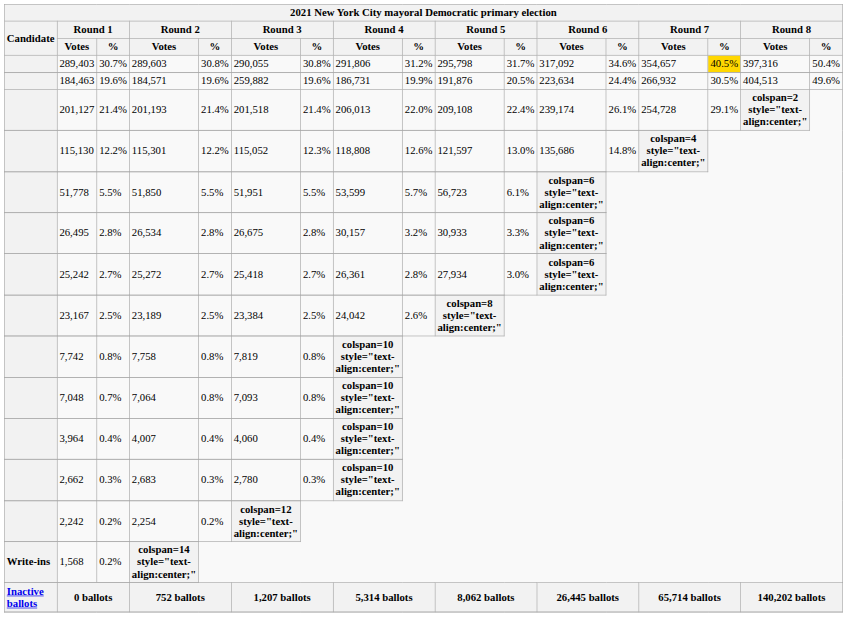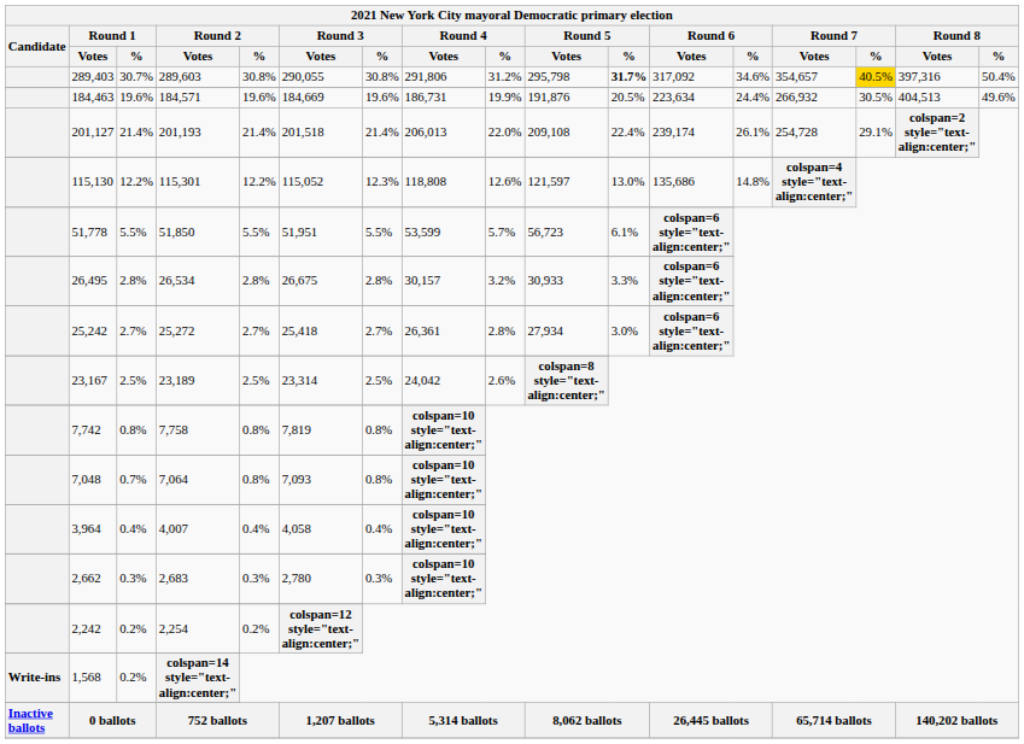 <table class="wikitable sortable">
 <tr>
 <th colspan=" 17 ">2021 New York City mayoral Democratic primary election</th>
 </tr>
 <tr style="background:#eee; text-align:center;">
 <th rowspan=2 style="text-align:center;">Candidate</th>
 <th colspan=2 style="text-align:center;">Round 1</th>
 <th colspan=2 style="text-align:center;">Round 2</th>
 <th colspan=2 style="text-align:center;">Round 3</th>
 <th colspan=2 style="text-align:center;">Round 4</th>
 <th colspan=2 style="text-align:center;">Round 5</th>
 <th colspan=2 style="text-align:center;">Round 6</th>
 <th colspan=2 style="text-align:center;">Round 7</th>
 <th colspan=2 style="text-align:center;">Round 8</th>
 </tr>
 <tr>
 <th>Votes</th>
 <th>%</th>
 <th>Votes</th>
 <th>%</th>
 <th>Votes</th>
 <th>%</th>
 <th>Votes</th>
 <th>%</th>
 <th>Votes</th>
 <th>%</th>
 <th>Votes</th>
 <th>%</th>
 <th>Votes</th>
 <th>%</th>
 <th>Votes</th>
 <th>%</th>
 </tr>
 <tr>
 <th scope="row" style="text-align:left;"></th>
 <td>289,403</td>
 <td>30.7%</td>
 <td>289,603</td>
 <td>30.8%</td>
 <td>290,055</td>
 <td>30.8%</td>
 <td>291,806</td>
 <td>31.2%</td>
 <td>295,798</td>
-<td>31.7%</td>
+<td><strong>31.7%</strong></td>
 <td>317,092</td>
 <td>34.6%</td>
 <td>354,657</td>
 <td style="background: gold;">40.5%</td>
 <td>397,316</td>
 <td> 50.4%</td>
 </tr>
 <tr>
 </tr>
 <tr>
 </tr>
 <tr>
 <th scope="row" style="text-align:left;"></th>
 <td>184,463</td>
 <td>19.6%</td>
 <td>184,571</td>
 <td>19.6%</td>
-<td>259,882</td>
+<td>184,669</td>
 <td>19.6%</td>
 <td>186,731</td>
 <td>19.9%</td>
 <td>191,876</td>
 <td>20.5%</td>
 <td>223,634</td>
 <td>24.4%</td>
 <td>266,932</td>
 <td>30.5%</td>
 <td> 404,513</td>
 <td>49.6%</td>
 </tr>
 <tr>
 <th scope="row" style="text-align:left;"></th>
 <td>201,127</td>
 <td>21.4%</td>
 <td>201,193</td>
 <td>21.4%</td>
 <td>201,518</td>
 <td>21.4%</td>
 <td>206,013</td>
 <td>22.0%</td>
 <td>209,108</td>
 <td>22.4%</td>
 <td>239,174</td>
 <td>26.1%</td>
 <td>254,728</td>
 <td>29.1%</td>
 <th>colspan=2 style="text-align:center;" </th>
 </tr>
 <tr>
 </tr>
 <tr>
 <th scope="row" style="text-align:left;"></th>
 <td>115,130</td>
 <td>12.2%</td>
 <td>115,301</td>
 <td>12.2%</td>
 <td>115,052</td>
 <td>12.3%</td>
 <td>118,808</td>
 <td>12.6%</td>
 <td>121,597</td>
 <td>13.0%</td>
 <td>135,686</td>
 <td>14.8%</td>
 <th>colspan=4 style="text-align:center;" </th>
 </tr>
 <tr>
 </tr>
 <tr>
 <th scope="row" style="text-align:left;"></th>
 <td>51,778</td>
 <td>5.5%</td>
 <td>51,850</td>
 <td>5.5%</td>
 <td>51,951</td>
 <td>5.5%</td>
 <td>53,599</td>
 <td>5.7%</td>
 <td>56,723</td>
 <td>6.1%</td>
 <th>colspan=6 style="text-align:center;" </th>
 </tr>
 <tr>
 </tr>
 <tr>
 <th scope="row" style="text-align:left;"></th>
 <td>26,495</td>
 <td>2.8%</td>
 <td>26,534</td>
 <td>2.8%</td>
 <td>26,675</td>
 <td>2.8%</td>
 <td>30,157</td>
 <td>3.2%</td>
 <td>30,933</td>
 <td>3.3%</td>
 <th>colspan=6 style="text-align:center;" </th>
 </tr>
 <tr>
 </tr>
 <tr>
 <th scope="row" style="text-align:left;"></th>
 <td>25,242</td>
 <td>2.7%</td>
 <td>25,272</td>
 <td>2.7%</td>
 <td>25,418</td>
 <td>2.7%</td>
 <td>26,361</td>
 <td>2.8%</td>
 <td>27,934</td>
 <td>3.0%</td>
 <th>colspan=6 style="text-align:center;" </th>
 </tr>
 <tr>
 </tr>
 <tr>
 <th scope="row" style="text-align:left;"></th>
 <td>23,167</td>
 <td>2.5%</td>
 <td>23,189</td>
 <td>2.5%</td>
-<td>23,384</td>
+<td>23,314</td>
 <td>2.5%</td>
 <td>24,042</td>
 <td>2.6%</td>
 <th>colspan=8 style="text-align:center;" </th>
 </tr>
 <tr>
 </tr>
 <tr>
 <th scope="row" style="text-align:left;"></th>
 <td>7,742</td>
 <td>0.8%</td>
 <td>7,758</td>
 <td>0.8%</td>
 <td>7,819</td>
 <td>0.8%</td>
 <th>colspan=10 style="text-align:center;" </th>
 </tr>
 <tr>
 </tr>
 <tr>
 <th scope="row" style="text-align:left;"></th>
 <td>7,048</td>
 <td>0.7%</td>
 <td>7,064</td>
 <td>0.8%</td>
 <td>7,093</td>
 <td>0.8%</td>
 <th>colspan=10 style="text-align:center;" </th>
 </tr>
 <tr>
 </tr>
 <tr>
 <th scope="row" style="text-align:left;"></th>
 <td>3,964</td>
 <td>0.4%</td>
 <td>4,007</td>
 <td>0.4%</td>
-<td>4,060</td>
+<td>4,058</td>
 <td>0.4%</td>
 <th>colspan=10 style="text-align:center;" </th>
 </tr>
 <tr>
 </tr>
 <tr>
 <th scope="row" style="text-align:left;"></th>
 <td>2,662</td>
 <td>0.3%</td>
 <td>2,683</td>
 <td>0.3%</td>
 <td>2,780</td>
 <td>0.3%</td>
 <th>colspan=10 style="text-align:center;" </th>
 </tr>
 <tr>
 </tr>
 <tr>
 <th scope="row" style="text-align:left;"></th>
 <td>2,242</td>
 <td>0.2%</td>
 <td>2,254</td>
 <td>0.2%</td>
 <th>colspan=12 style="text-align:center;" </th>
 </tr>
 <tr>
 </tr>
 <tr>
 <th scope="row" style="text-align:left;">Write-ins</th>
 <td>1,568</td>
 <td>0.2%</td>
 <th>colspan=14 style="text-align:center;" </th>
 </tr>
 <tr>
 </tr>
 <tr>
 <th scope="row" style="text-align:left;"><a href='#'>Inactive ballots</a></th>
 <th colspan="2">0 ballots</th>
 <th colspan="2">752 ballots</th>
 <th colspan="2">1,207 ballots</th>
 <th colspan="2">5,314 ballots</th>
 <th colspan="2">8,062 ballots</th>
 <th colspan="2">26,445 ballots</th>
 <th colspan="2">65,714 ballots</th>
 <th colspan="2">140,202 ballots</th>
 </tr>
 <tr>
 </tr>
 </table>
